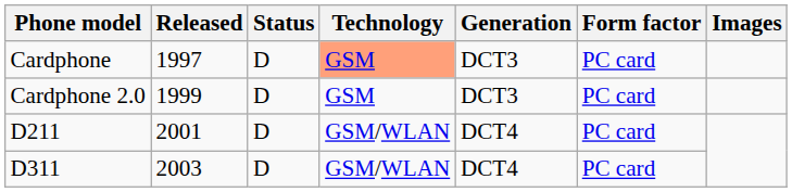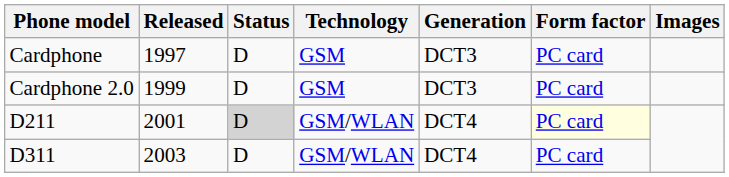 <table class="wikitable sortable">
 <tr>
 <th>Phone model</th>
 <th>Released</th>
 <th>Status</th>
 <th>Technology</th>
 <th>Generation</th>
 <th>Form factor</th>
 <th>Images</th>
 </tr>
 <tr>
 <td>Cardphone</td>
 <td>1997</td>
 <td>D</td>
-<td style="background: lightsalmon;"><a href='#'>GSM</a></td>
+<td><a href='#'>GSM</a></td>
 <td>DCT3</td>
 <td><a href='#'>PC card</a></td>
 </tr>
 <tr>
 <td>Cardphone 2.0</td>
 <td>1999</td>
 <td>D</td>
 <td><a href='#'>GSM</a></td>
 <td>DCT3</td>
 <td><a href='#'>PC card</a></td>
 <td></td>
 </tr>
 <tr>
 <td>D211</td>
 <td>2001</td>
-<td>D</td>
+<td style="background: lightgrey;">D</td>
 <td><a href='#'>GSM</a>/<a href='#'>WLAN</a></td>
 <td>DCT4</td>
-<td><a href='#'>PC card</a></td>
+<td style="background: lightyellow;"><a href='#'>PC card</a></td>
 </tr>
 <tr>
 <td>D311</td>
 <td>2003</td>
 <td>D</td>
 <td><a href='#'>GSM</a>/<a href='#'>WLAN</a></td>
 <td>DCT4</td>
 <td><a href='#'>PC card</a></td>
 </tr>
 </table>
